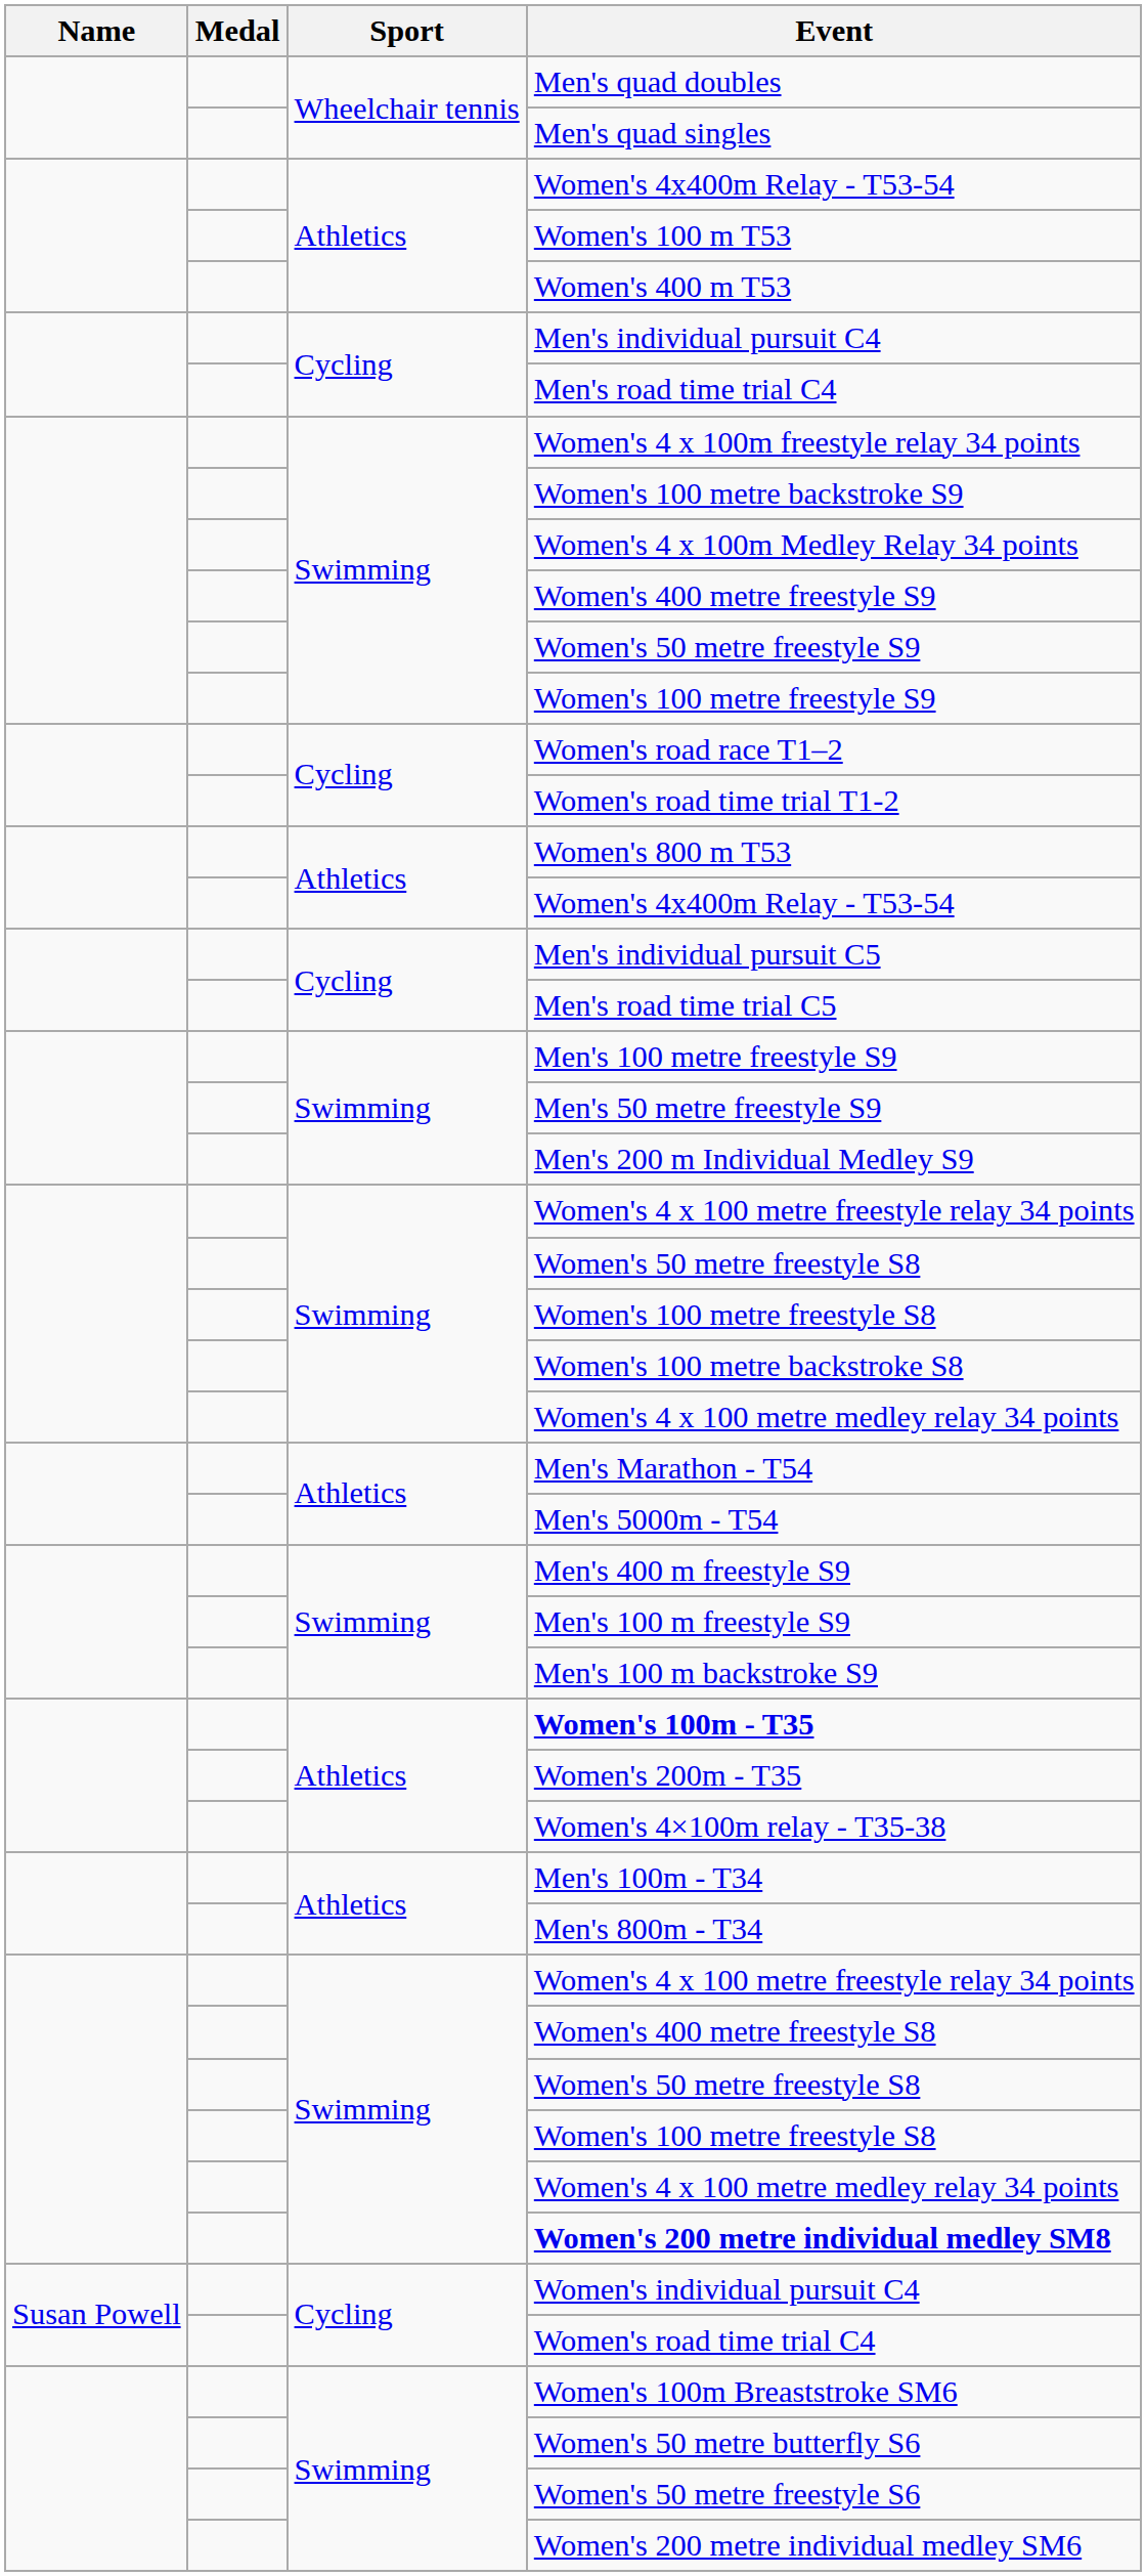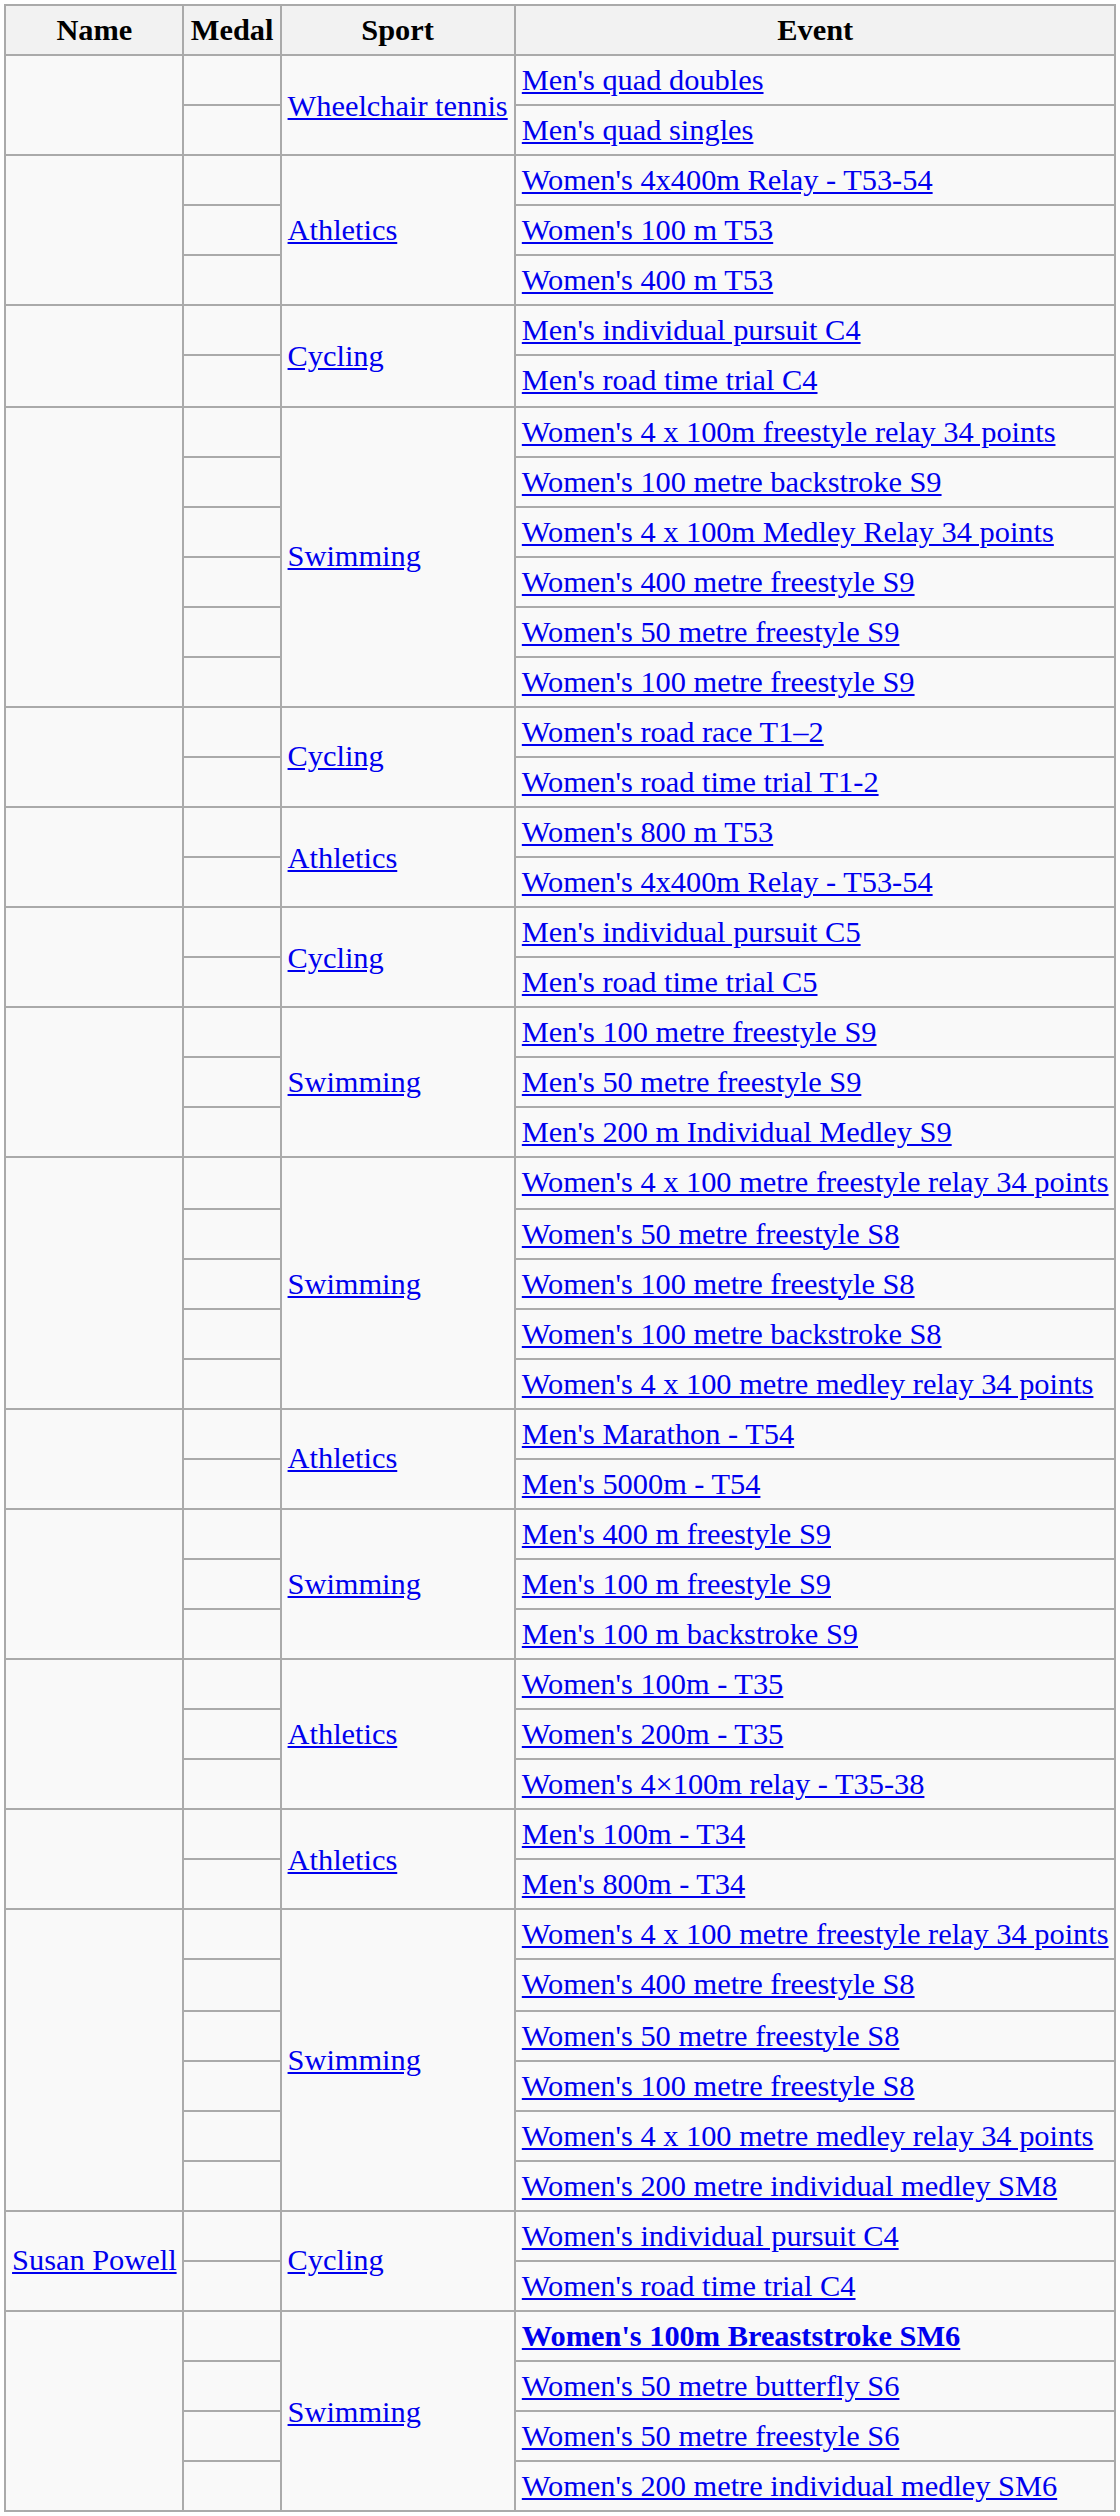 <table class="wikitable sortable" style="font-size: 95%;">
 <tr>
 <th>Name</th>
 <th>Medal</th>
 <th>Sport</th>
 <th>Event</th>
 </tr>
 <tr>
 <td rowspan=2></td>
 <td></td>
 <td rowspan="2"><a href='#'>Wheelchair tennis</a></td>
 <td><a href='#'>Men's quad doubles</a></td>
 </tr>
 <tr>
 <td></td>
 <td><a href='#'>Men's quad singles</a></td>
 </tr>
 <tr>
 <td rowspan=3></td>
 <td></td>
 <td rowspan="3"><a href='#'>Athletics</a></td>
 <td><a href='#'>Women's 4x400m Relay - T53-54</a></td>
 </tr>
 <tr>
 <td></td>
 <td><a href='#'>Women's 100 m T53</a></td>
 </tr>
 <tr>
 <td></td>
 <td><a href='#'>Women's 400 m T53</a></td>
 </tr>
 <tr>
 <td rowspan=2></td>
 <td></td>
 <td rowspan="2"><a href='#'>Cycling</a></td>
 <td><a href='#'>Men's individual pursuit C4</a></td>
 </tr>
 <tr>
 <td></td>
 <td><a href='#'>Men's road time trial C4</a></td>
 </tr>
 <tr>
 <td rowspan=6></td>
 <td></td>
 <td rowspan="6"><a href='#'>Swimming</a></td>
 <td><a href='#'>Women's 4 x 100m freestyle relay 34 points</a></td>
 </tr>
 <tr>
 <td></td>
 <td><a href='#'>Women's 100 metre backstroke S9</a></td>
 </tr>
 <tr>
 <td></td>
 <td><a href='#'>Women's 4 x 100m Medley Relay 34 points</a></td>
 </tr>
 <tr>
 <td></td>
 <td><a href='#'>Women's 400 metre freestyle S9</a></td>
 </tr>
 <tr>
 <td></td>
 <td><a href='#'>Women's 50 metre freestyle S9</a></td>
 </tr>
 <tr>
 <td></td>
 <td><a href='#'>Women's 100 metre freestyle S9</a></td>
 </tr>
 <tr>
 <td rowspan=2></td>
 <td></td>
 <td rowspan="2"><a href='#'>Cycling</a></td>
 <td><a href='#'>Women's road race T1–2</a></td>
 </tr>
 <tr>
 <td></td>
 <td><a href='#'>Women's road time trial T1-2</a></td>
 </tr>
 <tr>
 <td rowspan=2></td>
 <td></td>
 <td rowspan="2"><a href='#'>Athletics</a></td>
 <td><a href='#'>Women's 800 m T53</a></td>
 </tr>
 <tr>
 <td></td>
 <td><a href='#'>Women's 4x400m Relay - T53-54</a></td>
 </tr>
 <tr>
 <td rowspan=2></td>
 <td></td>
 <td rowspan="2"><a href='#'>Cycling</a></td>
 <td><a href='#'>Men's individual pursuit C5</a></td>
 </tr>
 <tr>
 <td></td>
 <td><a href='#'>Men's road time trial C5</a></td>
 </tr>
 <tr>
 <td rowspan=3></td>
 <td></td>
 <td rowspan="3"><a href='#'>Swimming</a></td>
 <td><a href='#'>Men's 100 metre freestyle S9</a></td>
 </tr>
 <tr>
 <td></td>
 <td><a href='#'>Men's 50 metre freestyle S9</a></td>
 </tr>
 <tr>
 <td></td>
 <td><a href='#'>Men's 200 m Individual Medley S9</a></td>
 </tr>
 <tr>
 <td rowspan=5></td>
 <td></td>
 <td rowspan="5"><a href='#'>Swimming</a></td>
 <td><a href='#'>Women's 4 x 100 metre freestyle relay 34 points</a></td>
 </tr>
 <tr>
 <td></td>
 <td><a href='#'>Women's 50 metre freestyle S8</a></td>
 </tr>
 <tr>
 <td></td>
 <td><a href='#'>Women's 100 metre freestyle S8</a></td>
 </tr>
 <tr>
 <td></td>
 <td><a href='#'>Women's 100 metre backstroke S8</a></td>
 </tr>
 <tr>
 <td></td>
 <td><a href='#'>Women's 4 x 100 metre medley relay 34 points</a></td>
 </tr>
 <tr>
 </tr>
 <tr>
 <td rowspan=2></td>
 <td></td>
 <td rowspan="2"><a href='#'>Athletics</a></td>
 <td><a href='#'>Men's Marathon - T54</a></td>
 </tr>
 <tr>
 <td></td>
 <td><a href='#'>Men's 5000m - T54</a></td>
 </tr>
 <tr>
 <td rowspan=3></td>
 <td></td>
 <td rowspan="3"><a href='#'>Swimming</a></td>
 <td><a href='#'>Men's 400 m freestyle S9</a></td>
 </tr>
 <tr>
 <td></td>
 <td><a href='#'>Men's 100 m freestyle S9</a></td>
 </tr>
 <tr>
 <td></td>
 <td><a href='#'>Men's 100 m backstroke S9</a></td>
 </tr>
 <tr>
 <td rowspan=3></td>
 <td></td>
 <td rowspan="3"><a href='#'>Athletics</a></td>
-<td><strong><a href='#'>Women's 100m - T35</a></strong></td>
+<td><a href='#'>Women's 100m - T35</a></td>
 </tr>
 <tr>
 <td></td>
 <td><a href='#'>Women's 200m - T35</a></td>
 </tr>
 <tr>
 <td></td>
 <td><a href='#'>Women's 4×100m relay - T35-38</a></td>
 </tr>
 <tr>
 <td rowspan=2></td>
 <td></td>
 <td rowspan="2"><a href='#'>Athletics</a></td>
 <td><a href='#'>Men's 100m - T34</a></td>
 </tr>
 <tr>
 <td></td>
 <td><a href='#'>Men's 800m - T34</a></td>
 </tr>
 <tr>
 <td rowspan=6></td>
 <td></td>
 <td rowspan="6"><a href='#'>Swimming</a></td>
 <td><a href='#'>Women's 4 x 100 metre freestyle relay 34 points</a></td>
 </tr>
 <tr>
 <td></td>
 <td><a href='#'>Women's 400 metre freestyle S8</a></td>
 </tr>
 <tr>
 <td></td>
 <td><a href='#'>Women's 50 metre freestyle S8</a></td>
 </tr>
 <tr>
 <td></td>
 <td><a href='#'>Women's 100 metre freestyle S8</a></td>
 </tr>
 <tr>
 <td></td>
 <td><a href='#'>Women's 4 x 100 metre medley relay 34 points</a></td>
 </tr>
 <tr>
 <td></td>
-<td><strong><a href='#'>Women's 200 metre individual medley SM8</a></strong></td>
+<td><a href='#'>Women's 200 metre individual medley SM8</a></td>
 </tr>
 <tr>
 <td rowspan=2><a href='#'>Susan Powell</a></td>
 <td></td>
 <td rowspan="2"><a href='#'>Cycling</a></td>
 <td><a href='#'>Women's individual pursuit C4</a></td>
 </tr>
 <tr>
 <td></td>
 <td><a href='#'>Women's road time trial C4</a></td>
 </tr>
 <tr>
 <td rowspan=4></td>
 <td></td>
 <td rowspan="4"><a href='#'>Swimming</a></td>
-<td><a href='#'>Women's 100m Breaststroke SM6</a></td>
+<td><strong><a href='#'>Women's 100m Breaststroke SM6</a></strong></td>
 </tr>
 <tr>
 <td></td>
 <td><a href='#'>Women's 50 metre butterfly S6</a></td>
 </tr>
 <tr>
 <td></td>
 <td><a href='#'>Women's 50 metre freestyle S6</a></td>
 </tr>
 <tr>
 <td></td>
 <td><a href='#'>Women's 200 metre individual medley SM6</a></td>
 </tr>
 </table>
